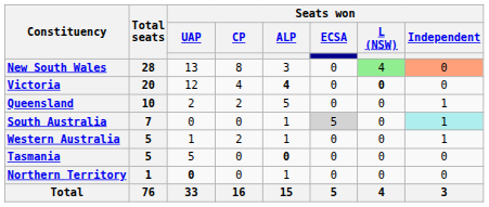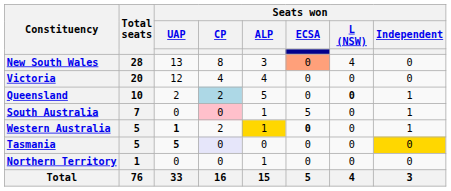 <table class="wikitable" style="text-align:center;">
 <tr>
 <th rowspan="3">Constituency</th>
 <th rowspan="3">Total<br>seats</th>
 <th colspan="8">Seats won</th>
 </tr>
 <tr>
 <th class="unsortable" style="width:50px;"><a href='#'>UAP</a></th>
 <th class="unsortable" style="width:50px;"><a href='#'>CP</a></th>
 <th class="unsortable" style="width:50px;"><a href='#'>ALP</a></th>
 <th class="unsortable" style="width:50px;"><a href='#'>ECSA</a></th>
 <th class="unsortable" style="width:50px;"><a href='#'>L (NSW)</a></th>
 <th class="unsortable" style="width:50px;"><a href='#'>Independent</a></th>
 </tr>
 <tr>
 <th style="background:"></th>
 <th style="background:"></th>
 <th style="background:"></th>
 <th style="background: #01008c;"></th>
 <th style="background:"></th>
 <th style="background:"></th>
 </tr>
 <tr>
 <th style="text-align: left;"><a href='#'>New South Wales</a></th>
 <th>28</th>
 <td>13</td>
 <td>8</td>
 <td>3</td>
+<td style="background: lightsalmon;">0</td>
+<td>4</td>
 <td>0</td>
-<td style="background: lightgreen;">4</td>
-<td style="background: lightsalmon;">0</td>
 </tr>
 <tr>
 <th style="text-align: left;"><a href='#'>Victoria</a></th>
 <th>20</th>
 <td>12</td>
 <td>4</td>
-<td><strong>4</strong></td>
+<td>4</td>
 <td>0</td>
-<td><strong>0</strong></td>
+<td>0</td>
 <td>0</td>
 </tr>
 <tr>
 <th style="text-align: left;"><a href='#'>Queensland</a></th>
 <th>10</th>
 <td>2</td>
-<td>2</td>
+<td style="background: lightblue;">2</td>
 <td>5</td>
 <td>0</td>
-<td>0</td>
+<td><strong>0</strong></td>
 <td>1</td>
 </tr>
 <tr>
 <th style="text-align: left;"><a href='#'>South Australia</a></th>
 <th>7</th>
 <td>0</td>
+<td style="background: pink;">0</td>
+<td>1</td>
+<td>5</td>
 <td>0</td>
 <td>1</td>
-<td style="background: lightgrey;">5</td>
-<td>0</td>
-<td style="background: paleturquoise;">1</td>
 </tr>
 <tr>
 <th style="text-align: left;"><a href='#'>Western Australia</a></th>
 <th>5</th>
-<td>1</td>
+<td><strong>1</strong></td>
 <td>2</td>
-<td>1</td>
-<td>0</td>
+<td style="background: gold;">1</td>
+<td><strong>0</strong></td>
 <td>0</td>
 <td>1</td>
 </tr>
 <tr>
 <th style="text-align: left;"><a href='#'>Tasmania</a></th>
 <th>5</th>
-<td>5</td>
-<td>0</td>
-<td><strong>0</strong></td>
+<td><strong>5</strong></td>
+<td style="background: lavender;">0</td>
 <td>0</td>
 <td>0</td>
 <td>0</td>
+<td style="background: gold;">0</td>
 </tr>
 <tr>
 <th style="text-align: left;"><a href='#'>Northern Territory</a></th>
 <th>1</th>
-<td><strong>0</strong></td>
+<td>0</td>
 <td>0</td>
 <td>1</td>
 <td>0</td>
 <td>0</td>
 <td>0</td>
 </tr>
 <tr>
 <th>Total</th>
 <th>76</th>
 <th>33</th>
 <th>16</th>
 <th>15</th>
 <th>5</th>
 <th>4</th>
 <th>3</th>
 </tr>
 </table>
